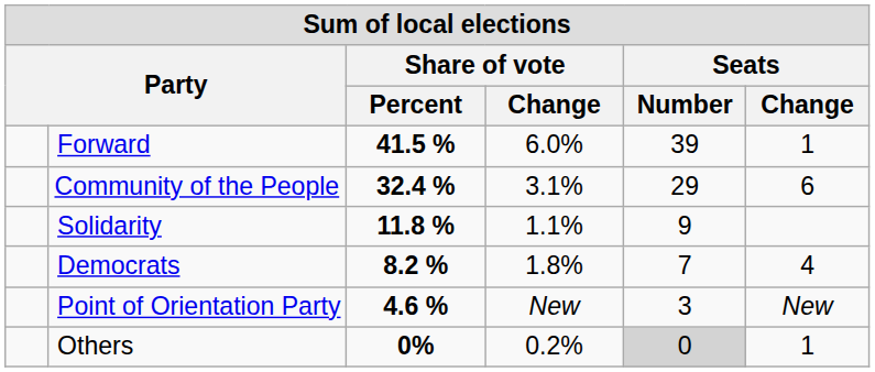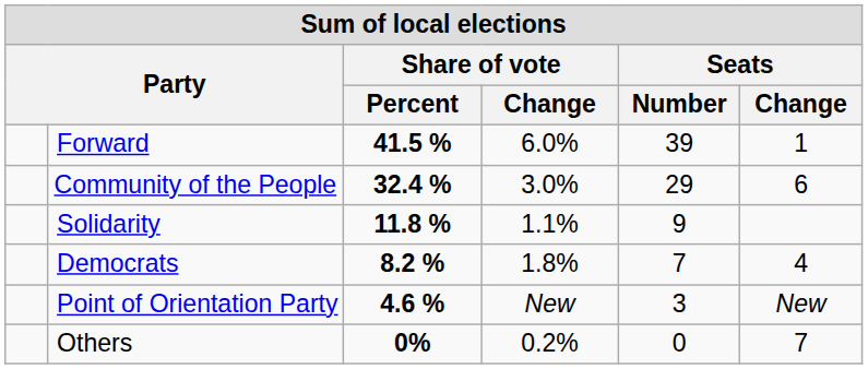 <table class="wikitable" style="margin-left:1em;">
 <tr>
 <th colspan="6" style="background:#dddddd; text-align:center;"><strong>Sum of local elections</strong></th>
 </tr>
 <tr>
 <th rowspan="2" colspan="2">Party</th>
 <th colspan="2">Share of vote</th>
 <th colspan="2">Seats</th>
 </tr>
 <tr>
 <th style="width:80px;">Percent</th>
 <th style="width:80px;">Change</th>
 <th style="width:70px;">Number</th>
 <th style="width:70px;">Change</th>
 </tr>
 <tr>
 <td style="background:"></td>
 <td style="padding-left:5px;"><a href='#'>Forward</a></td>
 <td style="text-align:center;"><strong>41.5 %</strong></td>
 <td style="text-align:center;"> 6.0%</td>
 <td style="text-align:center;">39</td>
 <td style="text-align:center;"> 1</td>
 </tr>
 <tr>
 <td style="width:20px; background:"></td>
 <td style="width:200px padding-left:5px;"><a href='#'>Community of the People</a></td>
 <td style="text-align:center;"><strong>32.4 %</strong></td>
-<td style="text-align:center;"> 3.1%</td>
+<td style="text-align:center;"> 3.0%</td>
 <td style="text-align:center;">29</td>
 <td style="text-align:center;"> 6</td>
 </tr>
 <tr>
 <td style="background:"></td>
 <td style="padding-left:5px;"><a href='#'>Solidarity</a></td>
 <td style="text-align:center;"><strong>11.8 %</strong></td>
 <td style="text-align:center;"> 1.1%</td>
 <td style="text-align:center;">9</td>
 <td style="text-align:center;"></td>
 </tr>
 <tr>
 <td style="background:"></td>
 <td style="padding-left:5px;"><a href='#'>Democrats</a></td>
 <td style="text-align:center;"><strong>8.2 %</strong></td>
 <td style="text-align:center;"> 1.8%</td>
 <td style="text-align:center;">7</td>
 <td style="text-align:center;"> 4</td>
 </tr>
 <tr>
 <td style="background:"></td>
 <td style="padding-left:5px;"><a href='#'>Point of Orientation Party</a></td>
 <td style="text-align:center;"><strong>4.6 %</strong></td>
 <td style="text-align:center;"><em>New</em></td>
 <td style="text-align:center;">3</td>
 <td style="text-align:center;"><em>New</em></td>
 </tr>
 <tr>
 <td style="background:"></td>
 <td style="padding-left:5px;">Others</td>
 <td style="text-align:center;"><strong> 0%</strong></td>
 <td style="text-align:center;"> 0.2%</td>
-<td style="background: lightgrey; text-align:center;">0</td>
-<td style="text-align:center;"> 1</td>
+<td style="text-align:center;">0</td>
+<td style="text-align:center;"> 7</td>
 </tr>
 </table>
